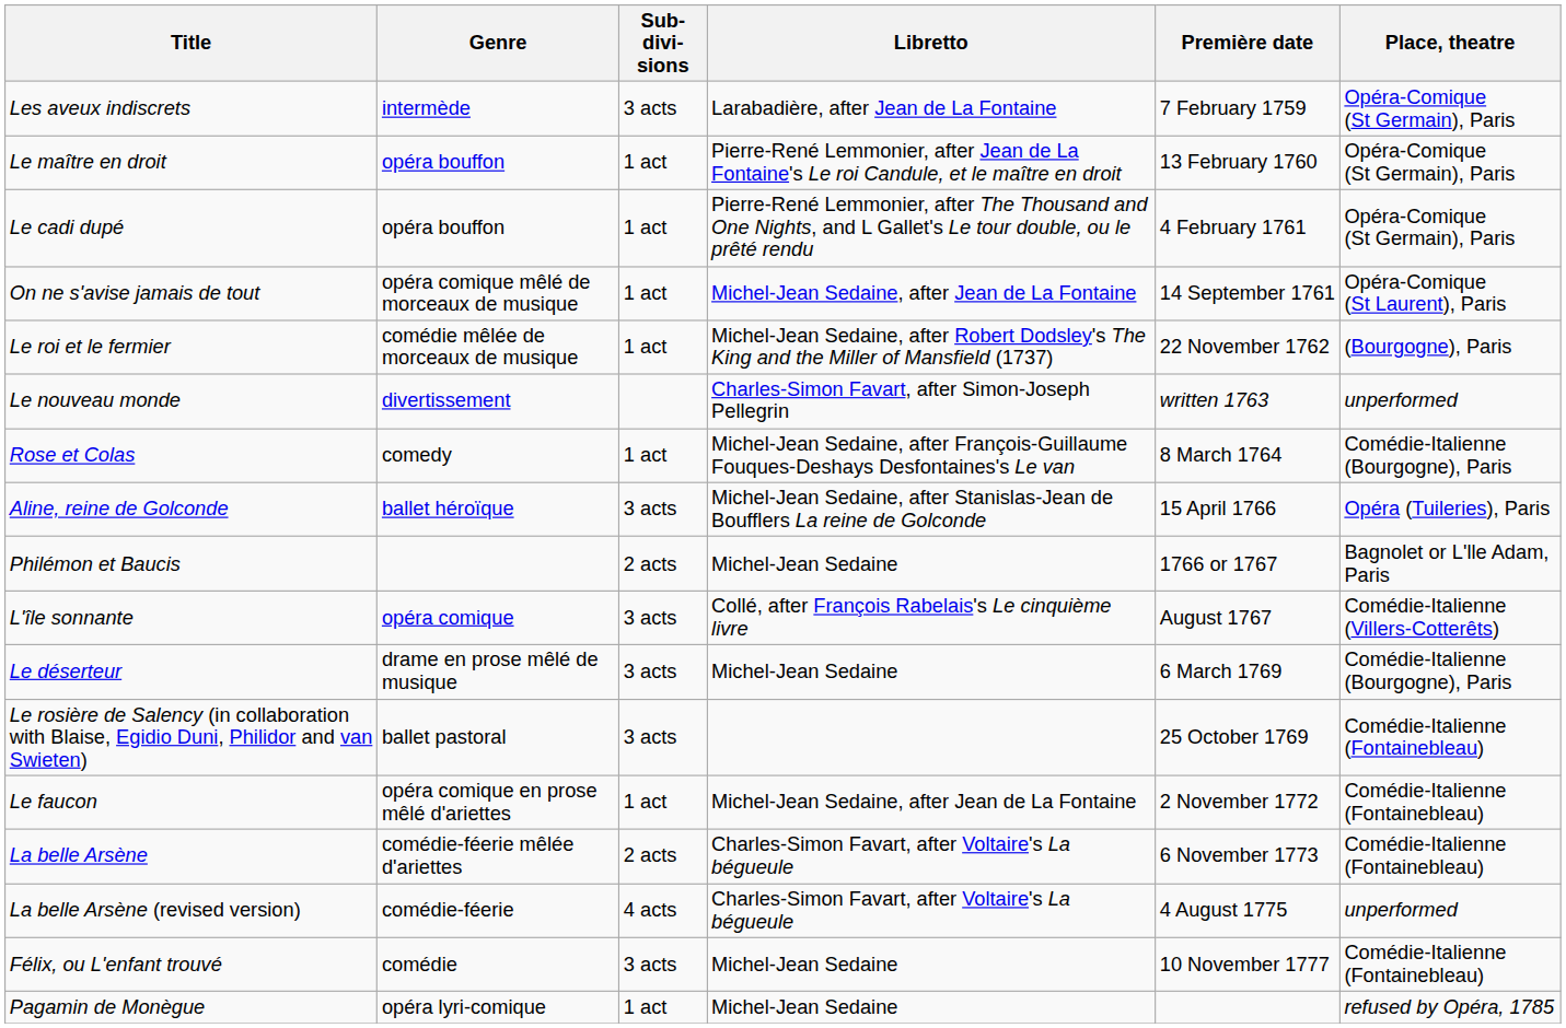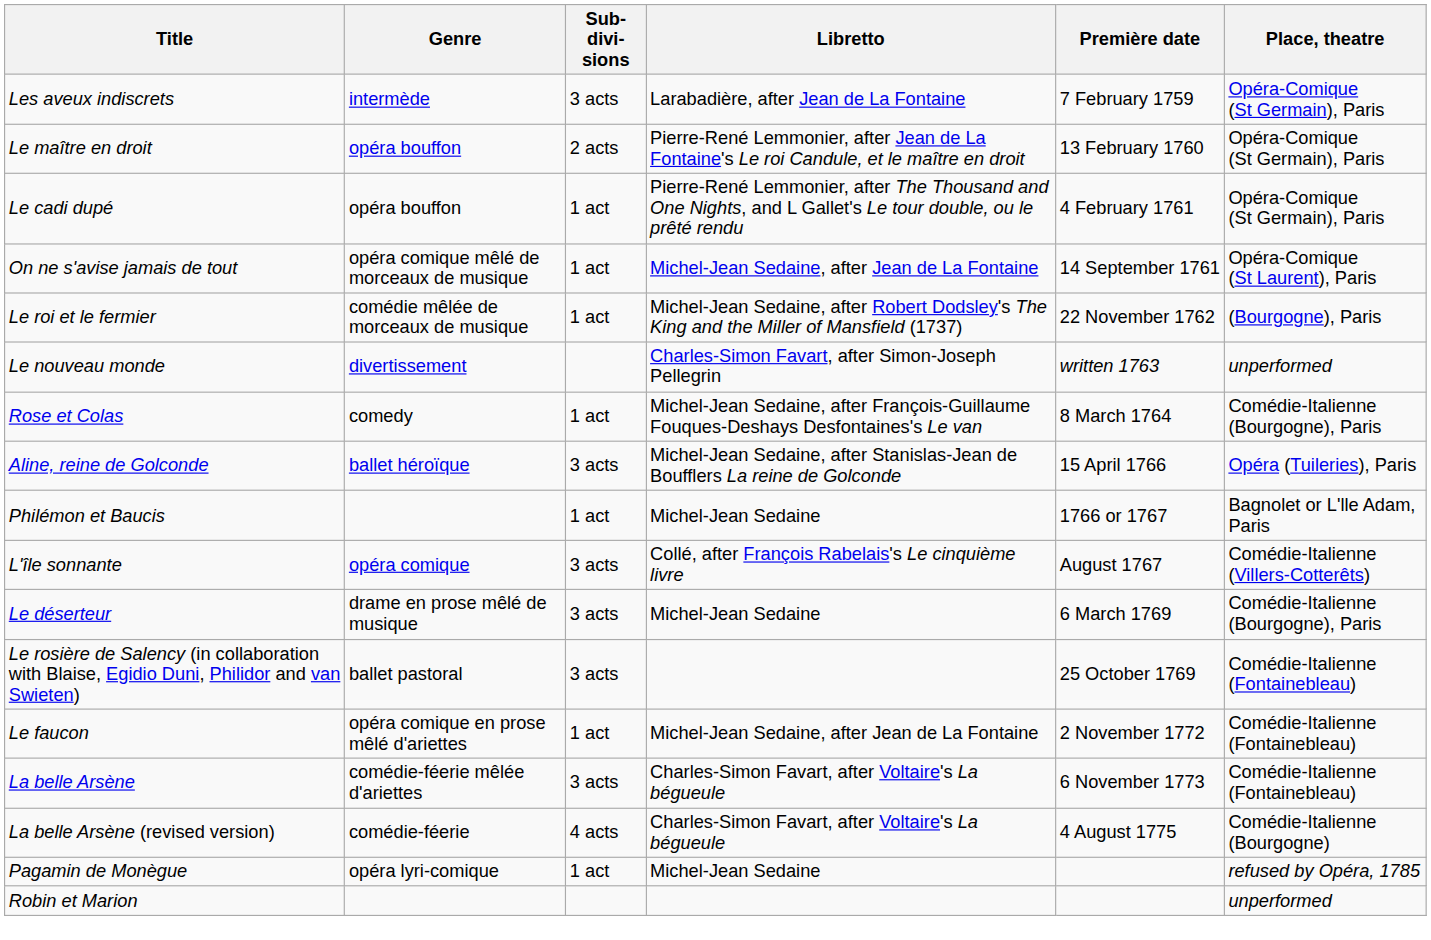 <table class="wikitable sortable">
 <tr>
 <th>Title</th>
 <th>Genre</th>
 <th>Sub­divi­sions</th>
 <th>Libretto</th>
 <th>Première date</th>
 <th>Place, theatre</th>
 </tr>
 <tr>
 <td><em>Les aveux indiscrets</em></td>
 <td><a href='#'>intermède</a></td>
 <td>3 acts</td>
 <td>Larabadière, after <a href='#'>Jean de La Fontaine</a></td>
 <td>7 February 1759</td>
 <td><a href='#'>Opéra-Comique</a> (<a href='#'>St Germain</a>), Paris</td>
 </tr>
 <tr>
 <td><em>Le maître en droit</em></td>
 <td><a href='#'>opéra bouffon</a></td>
-<td>1 act</td>
+<td>2 acts</td>
 <td>Pierre-René Lemmonier, after <a href='#'>Jean de La Fontaine</a>'s <em>Le roi Candule, et le maître en droit</em></td>
 <td>13 February 1760</td>
 <td>Opéra-Comique (St Germain), Paris</td>
 </tr>
 <tr>
 <td><em>Le cadi dupé</em></td>
 <td>opéra bouffon</td>
 <td>1 act</td>
 <td>Pierre-René Lemmonier, after <em>The Thousand and One Nights</em>, and L Gallet's <em>Le tour double, ou le prêté rendu</em></td>
 <td>4 February 1761</td>
 <td>Opéra-Comique (St Germain), Paris</td>
 </tr>
 <tr>
 <td><em>On ne s'avise jamais de tout</em></td>
 <td>opéra comique mêlé de morceaux de musique</td>
 <td>1 act</td>
 <td><a href='#'>Michel-Jean Sedaine</a>, after <a href='#'>Jean de La Fontaine</a></td>
 <td>14 September 1761</td>
 <td>Opéra-Comique (<a href='#'>St Laurent</a>), Paris</td>
 </tr>
 <tr>
 <td><em>Le roi et le fermier</em></td>
 <td>comédie mêlée de morceaux de musique</td>
 <td>1 act</td>
 <td>Michel-Jean Sedaine, after <a href='#'>Robert Dodsley</a>'s <em>The King and the Miller of Mansfield</em> (1737)</td>
 <td>22 November 1762</td>
 <td> (<a href='#'>Bourgogne</a>), Paris</td>
 </tr>
 <tr>
 <td><em>Le nouveau monde</em></td>
 <td><a href='#'>divertissement</a></td>
 <td></td>
 <td><a href='#'>Charles-Simon Favart</a>, after Simon-Joseph Pellegrin</td>
 <td><em>written 1763</em></td>
 <td><em>unperformed</em></td>
 </tr>
 <tr>
 <td><em><a href='#'>Rose et Colas</a></em></td>
 <td>comedy</td>
 <td>1 act</td>
 <td>Michel-Jean Sedaine, after François-Guillaume Fouques-Deshays Desfontaines's <em>Le van</em></td>
 <td>8 March 1764</td>
 <td>Comédie-Italienne (Bourgogne), Paris</td>
 </tr>
 <tr>
 <td><em><a href='#'>Aline, reine de Golconde</a></em></td>
 <td><a href='#'>ballet héroïque</a></td>
 <td>3 acts</td>
 <td>Michel-Jean Sedaine, after Stanislas-Jean de Boufflers <em>La reine de Golconde</em></td>
 <td>15 April 1766</td>
 <td><a href='#'>Opéra</a> (<a href='#'>Tuileries</a>), Paris</td>
 </tr>
 <tr>
 <td><em>Philémon et Baucis</em></td>
 <td></td>
-<td>2 acts</td>
+<td>1 act</td>
 <td>Michel-Jean Sedaine</td>
 <td>1766 or 1767</td>
 <td>Bagnolet or L'lle Adam, Paris</td>
 </tr>
 <tr>
 <td><em>L'île sonnante</em></td>
 <td><a href='#'>opéra comique</a></td>
 <td>3 acts</td>
 <td>Collé, after <a href='#'>François Rabelais</a>'s <em>Le cinquième livre</em></td>
 <td>August 1767</td>
 <td>Comédie-Italienne (<a href='#'>Villers-Cotterêts</a>)</td>
 </tr>
 <tr>
 <td><em><a href='#'>Le déserteur</a></em></td>
 <td>drame en prose mêlé de musique</td>
 <td>3 acts</td>
 <td>Michel-Jean Sedaine</td>
 <td>6 March 1769</td>
 <td>Comédie-Italienne (Bourgogne), Paris</td>
 </tr>
 <tr>
 <td><em>Le rosière de Salency</em> (in collaboration with Blaise, <a href='#'>Egidio Duni</a>, <a href='#'>Philidor</a> and <a href='#'>van Swieten</a>)</td>
 <td>ballet pastoral</td>
 <td>3 acts</td>
 <td></td>
 <td>25 October 1769</td>
 <td>Comédie-Italienne (<a href='#'>Fontainebleau</a>)</td>
 </tr>
 <tr>
 <td><em>Le faucon</em></td>
 <td>opéra comique en prose mêlé d'ariettes</td>
 <td>1 act</td>
 <td>Michel-Jean Sedaine, after Jean de La Fontaine</td>
 <td>2 November 1772</td>
 <td>Comédie-Italienne (Fontainebleau)</td>
 </tr>
 <tr>
 <td><em><a href='#'>La belle Arsène</a></em></td>
 <td>comédie-féerie mêlée d'ariettes</td>
-<td>2 acts</td>
+<td>3 acts</td>
 <td>Charles-Simon Favart, after <a href='#'>Voltaire</a>'s <em>La bégueule</em></td>
 <td>6 November 1773</td>
 <td>Comédie-Italienne (Fontainebleau)</td>
 </tr>
 <tr>
 <td><em>La belle Arsène</em> (revised version)</td>
 <td>comédie-féerie</td>
 <td>4 acts</td>
 <td>Charles-Simon Favart, after <a href='#'>Voltaire</a>'s <em>La bégueule</em></td>
 <td>4 August 1775</td>
-<td><em>unperformed</em></td>
-</tr>
-<tr>
-<td><em>Félix, ou L'enfant trouvé</em></td>
-<td>comédie</td>
-<td>3 acts</td>
-<td>Michel-Jean Sedaine</td>
-<td>10 November 1777</td>
-<td>Comédie-Italienne (Fontainebleau)</td>
+<td>Comédie-Italienne (Bourgogne)</td>
 </tr>
 <tr>
 <td><em>Pagamin de Monègue</em></td>
 <td>opéra lyri-comique</td>
 <td>1 act</td>
 <td>Michel-Jean Sedaine</td>
 <td></td>
 <td><em>refused by Opéra, 1785</em></td>
 </tr>
+<tr>
+<td><em>Robin et Marion</em></td>
+<td></td>
+<td></td>
+<td></td>
+<td></td>
+<td><em>unperformed</em></td>
+</tr>
 </table>
